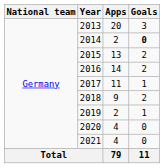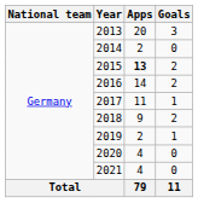 <table class="wikitable" style="text-align:center">
 <tr>
 <th>National team</th>
 <th>Year</th>
 <th>Apps</th>
 <th>Goals</th>
 </tr>
 <tr>
 <td rowspan="9"><a href='#'>Germany</a></td>
 <td>2013</td>
 <td>20</td>
 <td>3</td>
 </tr>
 <tr>
 <td>2014</td>
 <td>2</td>
-<td><strong>0</strong></td>
+<td>0</td>
 </tr>
 <tr>
 <td>2015</td>
-<td>13</td>
+<td><strong>13</strong></td>
 <td>2</td>
 </tr>
 <tr>
 <td>2016</td>
 <td>14</td>
 <td>2</td>
 </tr>
 <tr>
 <td>2017</td>
 <td>11</td>
 <td>1</td>
 </tr>
 <tr>
 <td>2018</td>
 <td>9</td>
 <td>2</td>
 </tr>
 <tr>
 <td>2019</td>
 <td>2</td>
 <td>1</td>
 </tr>
 <tr>
 <td>2020</td>
 <td>4</td>
 <td>0</td>
 </tr>
 <tr>
 <td>2021</td>
 <td>4</td>
 <td>0</td>
 </tr>
 <tr>
 <th colspan="2">Total</th>
 <th>79</th>
 <th>11</th>
 </tr>
 </table>
